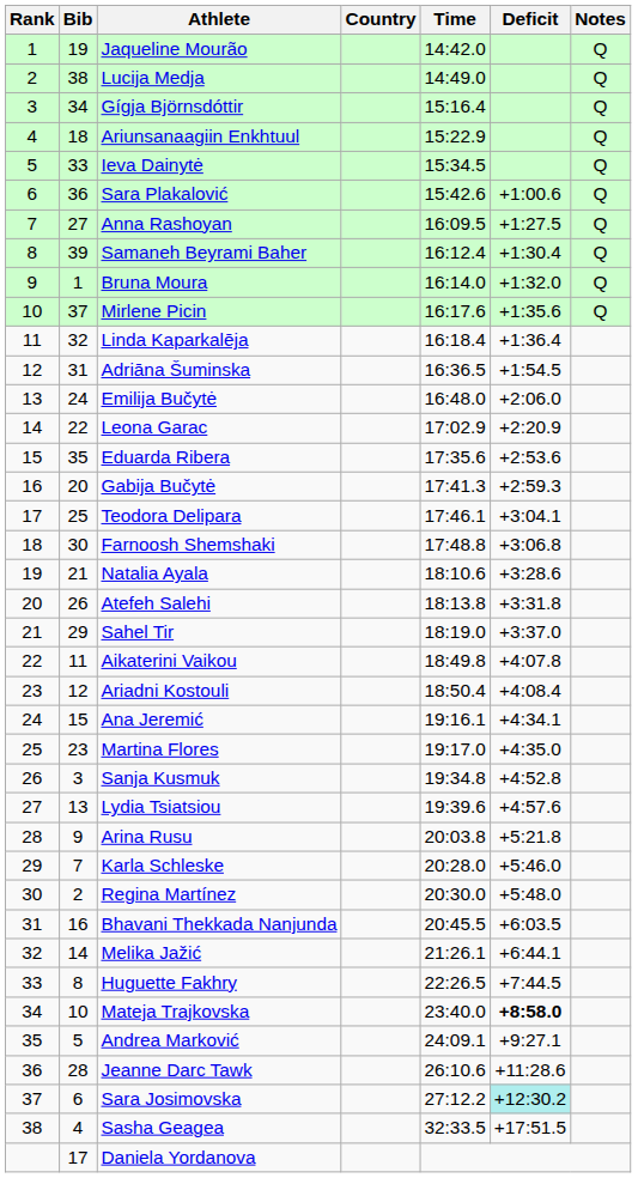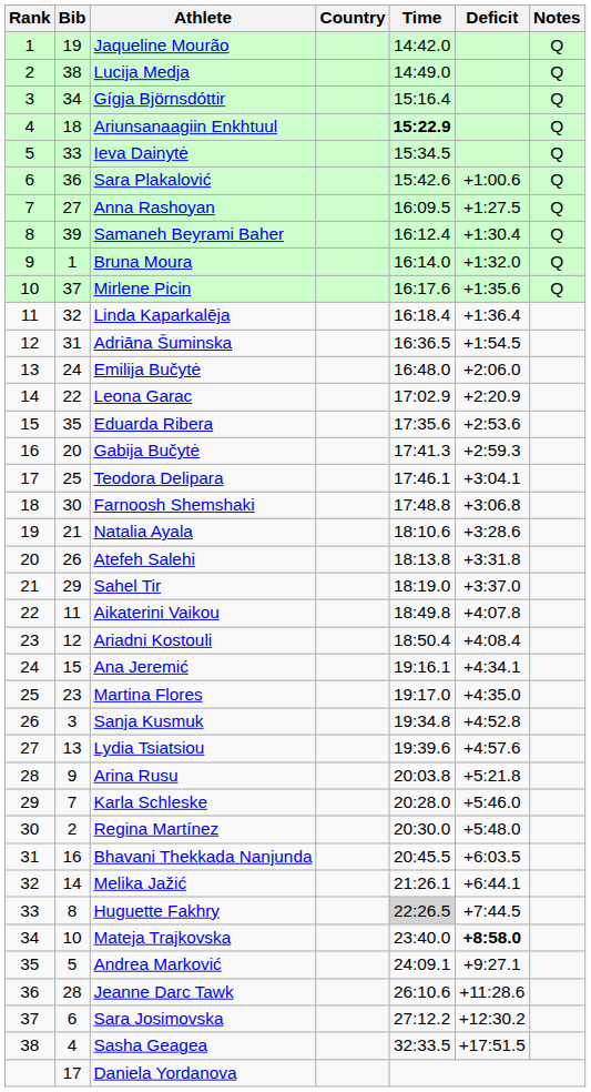 <table class="wikitable sortable" style="text-align:center">
 <tr>
 <th>Rank</th>
 <th>Bib</th>
 <th>Athlete</th>
 <th>Country</th>
 <th>Time</th>
 <th>Deficit</th>
 <th>Notes</th>
 </tr>
 <tr bgcolor=ccffcc>
 <td>1</td>
 <td>19</td>
 <td align=left><a href='#'>Jaqueline Mourão</a></td>
 <td align=left></td>
 <td>14:42.0</td>
 <td></td>
 <td>Q</td>
 </tr>
 <tr bgcolor=ccffcc>
 <td>2</td>
 <td>38</td>
 <td align=left><a href='#'>Lucija Medja</a></td>
 <td align=left></td>
 <td>14:49.0</td>
 <td></td>
 <td>Q</td>
 </tr>
 <tr bgcolor=ccffcc>
 <td>3</td>
 <td>34</td>
 <td align=left><a href='#'>Gígja Björnsdóttir</a></td>
 <td align=left></td>
 <td>15:16.4</td>
 <td></td>
 <td>Q</td>
 </tr>
 <tr bgcolor=ccffcc>
 <td>4</td>
 <td>18</td>
 <td align=left><a href='#'>Ariunsanaagiin Enkhtuul</a></td>
 <td align=left></td>
-<td>15:22.9</td>
+<td><strong>15:22.9</strong></td>
 <td></td>
 <td>Q</td>
 </tr>
 <tr bgcolor=ccffcc>
 <td>5</td>
 <td>33</td>
 <td align=left><a href='#'>Ieva Dainytė</a></td>
 <td align=left></td>
 <td>15:34.5</td>
 <td></td>
 <td>Q</td>
 </tr>
 <tr bgcolor=ccffcc>
 <td>6</td>
 <td>36</td>
 <td align=left><a href='#'>Sara Plakalović</a></td>
 <td align=left></td>
 <td>15:42.6</td>
 <td>+1:00.6</td>
 <td>Q</td>
 </tr>
 <tr bgcolor=ccffcc>
 <td>7</td>
 <td>27</td>
 <td align=left><a href='#'>Anna Rashoyan</a></td>
 <td align=left></td>
 <td>16:09.5</td>
 <td>+1:27.5</td>
 <td>Q</td>
 </tr>
 <tr bgcolor=ccffcc>
 <td>8</td>
 <td>39</td>
 <td align=left><a href='#'>Samaneh Beyrami Baher</a></td>
 <td align=left></td>
 <td>16:12.4</td>
 <td>+1:30.4</td>
 <td>Q</td>
 </tr>
 <tr bgcolor=ccffcc>
 <td>9</td>
 <td>1</td>
 <td align=left><a href='#'>Bruna Moura</a></td>
 <td align=left></td>
 <td>16:14.0</td>
 <td>+1:32.0</td>
 <td>Q</td>
 </tr>
 <tr bgcolor=ccffcc>
 <td>10</td>
 <td>37</td>
 <td align=left><a href='#'>Mirlene Picin</a></td>
 <td align=left></td>
 <td>16:17.6</td>
 <td>+1:35.6</td>
 <td>Q</td>
 </tr>
 <tr>
 <td>11</td>
 <td>32</td>
 <td align=left><a href='#'>Linda Kaparkalēja</a></td>
 <td align=left></td>
 <td>16:18.4</td>
 <td>+1:36.4</td>
 <td></td>
 </tr>
 <tr>
 <td>12</td>
 <td>31</td>
 <td align=left><a href='#'>Adriāna Šuminska</a></td>
 <td align=left></td>
 <td>16:36.5</td>
 <td>+1:54.5</td>
 <td></td>
 </tr>
 <tr>
 <td>13</td>
 <td>24</td>
 <td align=left><a href='#'>Emilija Bučytė</a></td>
 <td align=left></td>
 <td>16:48.0</td>
 <td>+2:06.0</td>
 <td></td>
 </tr>
 <tr>
 <td>14</td>
 <td>22</td>
 <td align=left><a href='#'>Leona Garac</a></td>
 <td align=left></td>
 <td>17:02.9</td>
 <td>+2:20.9</td>
 <td></td>
 </tr>
 <tr>
 <td>15</td>
 <td>35</td>
 <td align=left><a href='#'>Eduarda Ribera</a></td>
 <td align=left></td>
 <td>17:35.6</td>
 <td>+2:53.6</td>
 <td></td>
 </tr>
 <tr>
 <td>16</td>
 <td>20</td>
 <td align=left><a href='#'>Gabija Bučytė</a></td>
 <td align=left></td>
 <td>17:41.3</td>
 <td>+2:59.3</td>
 <td></td>
 </tr>
 <tr>
 <td>17</td>
 <td>25</td>
 <td align=left><a href='#'>Teodora Delipara</a></td>
 <td align=left></td>
 <td>17:46.1</td>
 <td>+3:04.1</td>
 <td></td>
 </tr>
 <tr>
 <td>18</td>
 <td>30</td>
 <td align=left><a href='#'>Farnoosh Shemshaki</a></td>
 <td align=left></td>
 <td>17:48.8</td>
 <td>+3:06.8</td>
 <td></td>
 </tr>
 <tr>
 <td>19</td>
 <td>21</td>
 <td align=left><a href='#'>Natalia Ayala</a></td>
 <td align=left></td>
 <td>18:10.6</td>
 <td>+3:28.6</td>
 <td></td>
 </tr>
 <tr>
 <td>20</td>
 <td>26</td>
 <td align=left><a href='#'>Atefeh Salehi</a></td>
 <td align=left></td>
 <td>18:13.8</td>
 <td>+3:31.8</td>
 <td></td>
 </tr>
 <tr>
 <td>21</td>
 <td>29</td>
 <td align=left><a href='#'>Sahel Tir</a></td>
 <td align=left></td>
 <td>18:19.0</td>
 <td>+3:37.0</td>
 <td></td>
 </tr>
 <tr>
 <td>22</td>
 <td>11</td>
 <td align=left><a href='#'>Aikaterini Vaikou</a></td>
 <td align=left></td>
 <td>18:49.8</td>
 <td>+4:07.8</td>
 <td></td>
 </tr>
 <tr>
 <td>23</td>
 <td>12</td>
 <td align=left><a href='#'>Ariadni Kostouli</a></td>
 <td align=left></td>
 <td>18:50.4</td>
 <td>+4:08.4</td>
 <td></td>
 </tr>
 <tr>
 <td>24</td>
 <td>15</td>
 <td align=left><a href='#'>Ana Jeremić</a></td>
 <td align=left></td>
 <td>19:16.1</td>
 <td>+4:34.1</td>
 <td></td>
 </tr>
 <tr>
 <td>25</td>
 <td>23</td>
 <td align=left><a href='#'>Martina Flores</a></td>
 <td align=left></td>
 <td>19:17.0</td>
 <td>+4:35.0</td>
 <td></td>
 </tr>
 <tr>
 <td>26</td>
 <td>3</td>
 <td align=left><a href='#'>Sanja Kusmuk</a></td>
 <td align=left></td>
 <td>19:34.8</td>
 <td>+4:52.8</td>
 <td></td>
 </tr>
 <tr>
 <td>27</td>
 <td>13</td>
 <td align=left><a href='#'>Lydia Tsiatsiou</a></td>
 <td align=left></td>
 <td>19:39.6</td>
 <td>+4:57.6</td>
 <td></td>
 </tr>
 <tr>
 <td>28</td>
 <td>9</td>
 <td align=left><a href='#'>Arina Rusu</a></td>
 <td align=left></td>
 <td>20:03.8</td>
 <td>+5:21.8</td>
 <td></td>
 </tr>
 <tr>
 <td>29</td>
 <td>7</td>
 <td align=left><a href='#'>Karla Schleske</a></td>
 <td align=left></td>
 <td>20:28.0</td>
 <td>+5:46.0</td>
 <td></td>
 </tr>
 <tr>
 <td>30</td>
 <td>2</td>
 <td align=left><a href='#'>Regina Martínez</a></td>
 <td align=left></td>
 <td>20:30.0</td>
 <td>+5:48.0</td>
 <td></td>
 </tr>
 <tr>
 <td>31</td>
 <td>16</td>
 <td align=left><a href='#'>Bhavani Thekkada Nanjunda</a></td>
 <td align=left></td>
 <td>20:45.5</td>
 <td>+6:03.5</td>
 <td></td>
 </tr>
 <tr>
 <td>32</td>
 <td>14</td>
 <td align=left><a href='#'>Melika Jažić</a></td>
 <td align=left></td>
 <td>21:26.1</td>
 <td>+6:44.1</td>
 <td></td>
 </tr>
 <tr>
 <td>33</td>
 <td>8</td>
 <td align=left><a href='#'>Huguette Fakhry</a></td>
 <td align=left></td>
-<td>22:26.5</td>
+<td style="background: lightgrey;">22:26.5</td>
 <td>+7:44.5</td>
 <td></td>
 </tr>
 <tr>
 <td>34</td>
 <td>10</td>
 <td align=left><a href='#'>Mateja Trajkovska</a></td>
 <td align=left></td>
 <td>23:40.0</td>
 <td><strong>+8:58.0</strong></td>
 <td></td>
 </tr>
 <tr>
 <td>35</td>
 <td>5</td>
 <td align=left><a href='#'>Andrea Marković</a></td>
 <td align=left></td>
 <td>24:09.1</td>
 <td>+9:27.1</td>
 <td></td>
 </tr>
 <tr>
 <td>36</td>
 <td>28</td>
 <td align=left><a href='#'>Jeanne Darc Tawk</a></td>
 <td align=left></td>
 <td>26:10.6</td>
 <td>+11:28.6</td>
 <td></td>
 </tr>
 <tr>
 <td>37</td>
 <td>6</td>
 <td align=left><a href='#'>Sara Josimovska</a></td>
 <td align=left></td>
 <td>27:12.2</td>
-<td style="background: paleturquoise;">+12:30.2</td>
+<td>+12:30.2</td>
 <td></td>
 </tr>
 <tr>
 <td>38</td>
 <td>4</td>
 <td align=left><a href='#'>Sasha Geagea</a></td>
 <td align=left></td>
 <td>32:33.5</td>
 <td>+17:51.5</td>
 <td></td>
 </tr>
 <tr>
 <td></td>
 <td>17</td>
 <td align=left><a href='#'>Daniela Yordanova</a></td>
 <td align=left></td>
 <td colspan=3></td>
 </tr>
 </table>
